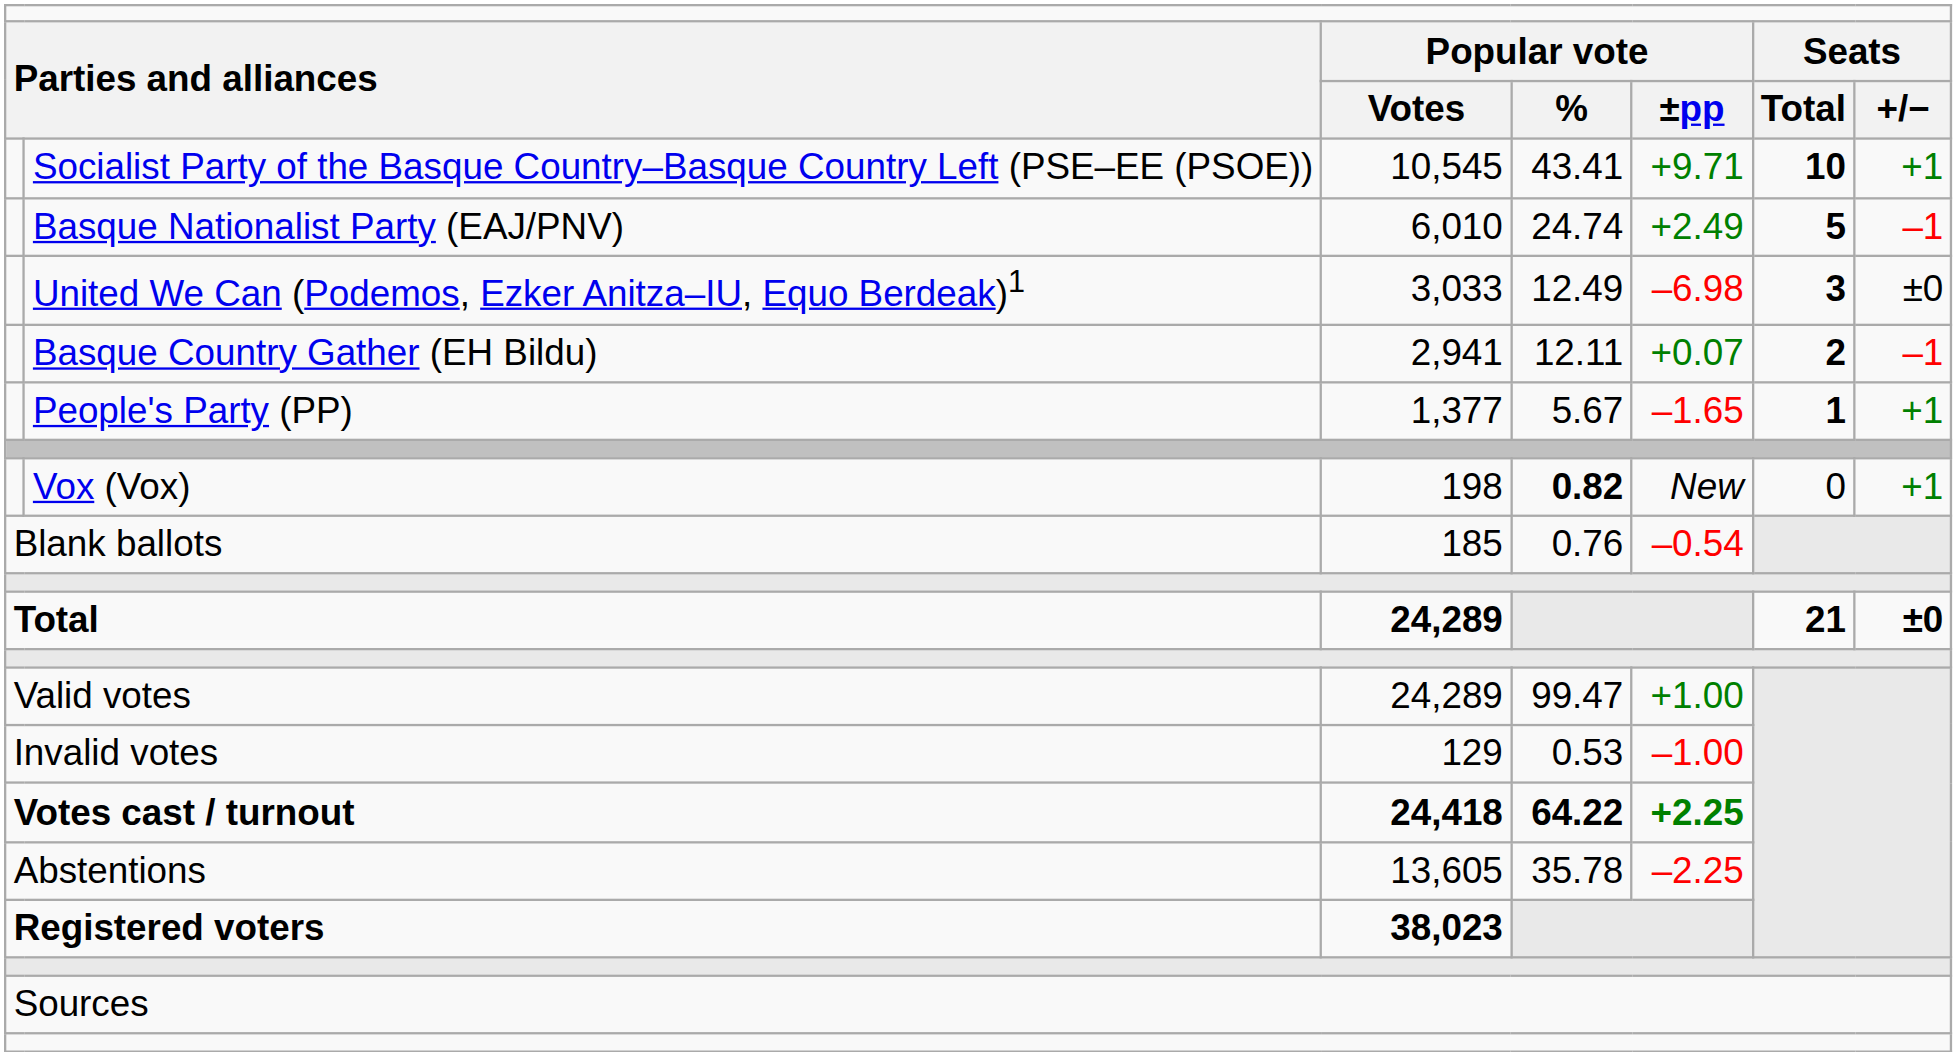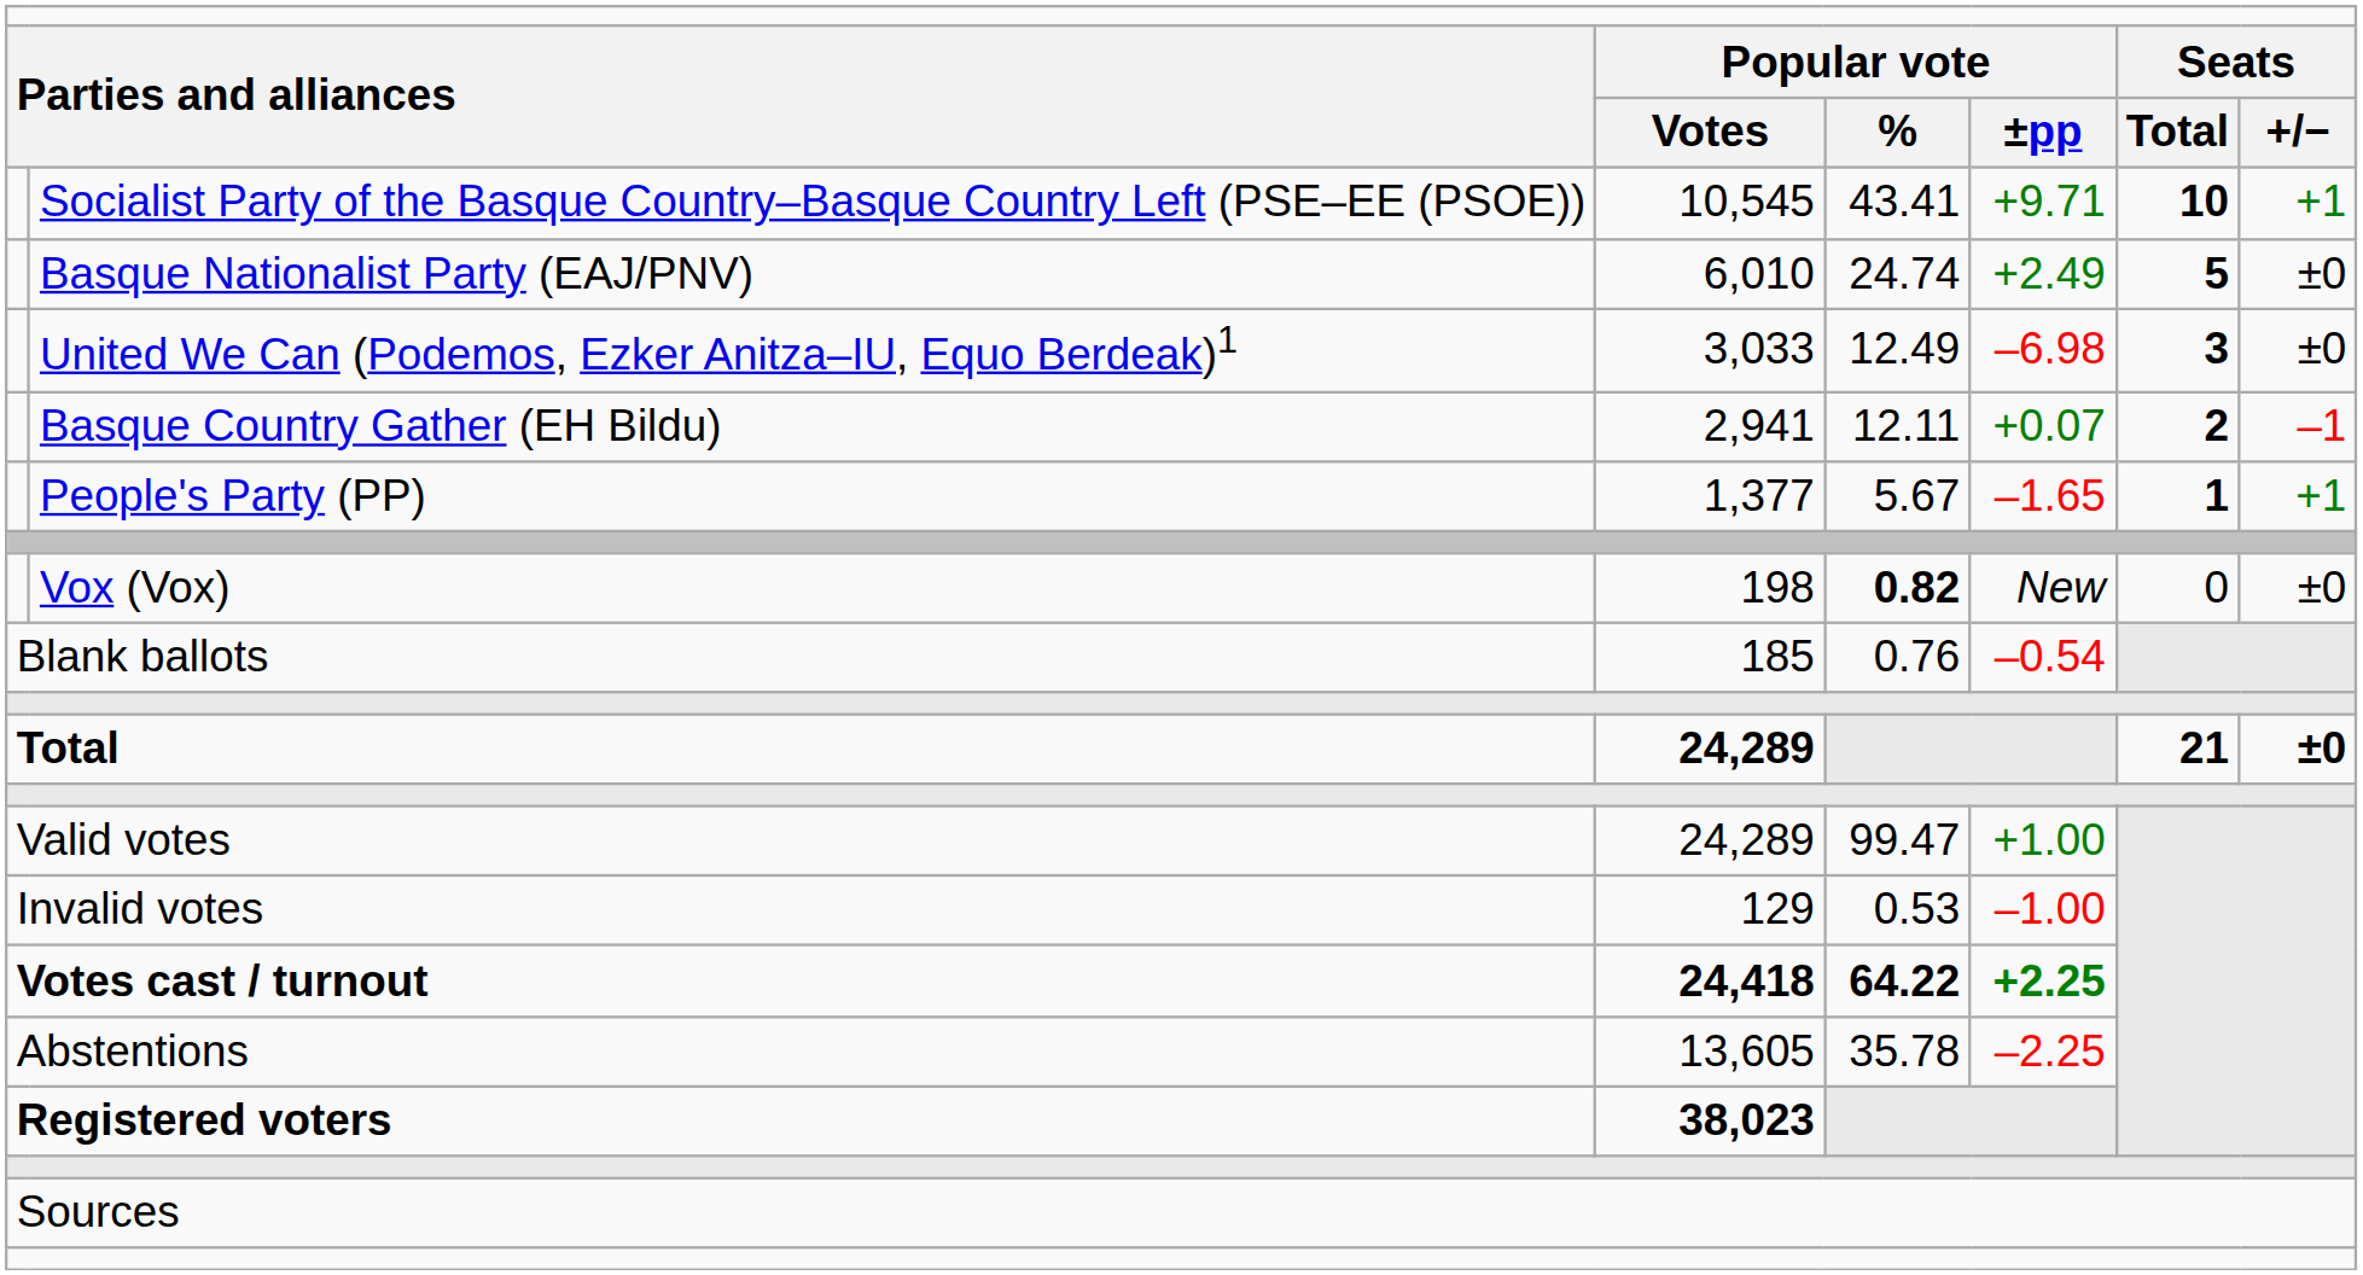 <table class="wikitable" style="text-align:right;">
 <tr>
 <td colspan="7"></td>
 </tr>
 <tr>
 <th style="text-align:left;" rowspan="2" colspan="2" width="525">Parties and alliances</th>
 <th colspan="3">Popular vote</th>
 <th colspan="2">Seats</th>
 </tr>
 <tr>
 <th width="75">Votes</th>
 <th width="45">%</th>
 <th width="45">±<a href='#'>pp</a></th>
 <th width="35">Total</th>
 <th width="35">+/−</th>
 </tr>
 <tr>
 <td width="1" style="color:inherit;background:"></td>
 <td align="left"><a href='#'>Socialist Party of the Basque Country–Basque Country Left</a> (PSE–EE (PSOE))</td>
 <td>10,545</td>
 <td>43.41</td>
 <td style="color:green;">+9.71</td>
 <td><strong>10</strong></td>
 <td style="color:green;">+1</td>
 </tr>
 <tr>
 <td style="color:inherit;background:"></td>
 <td align="left"><a href='#'>Basque Nationalist Party</a> (EAJ/PNV)</td>
 <td>6,010</td>
 <td>24.74</td>
 <td style="color:green;">+2.49</td>
 <td><strong>5</strong></td>
-<td style="color:red;">–1</td>
+<td>±0</td>
 </tr>
 <tr>
 <td style="color:inherit;background:"></td>
 <td align="left"><a href='#'>United We Can</a> (<a href='#'>Podemos</a>, <a href='#'>Ezker Anitza–IU</a>, <a href='#'>Equo Berdeak</a>)<sup>1</sup></td>
 <td>3,033</td>
 <td>12.49</td>
 <td style="color:red;">–6.98</td>
 <td><strong>3</strong></td>
 <td>±0</td>
 </tr>
 <tr>
 <td style="color:inherit;background:"></td>
 <td align="left"><a href='#'>Basque Country Gather</a> (EH Bildu)</td>
 <td>2,941</td>
 <td>12.11</td>
 <td style="color:green;">+0.07</td>
 <td><strong>2</strong></td>
 <td style="color:red;">–1</td>
 </tr>
 <tr>
 <td style="color:inherit;background:"></td>
 <td align="left"><a href='#'>People's Party</a> (PP)</td>
 <td>1,377</td>
 <td>5.67</td>
 <td style="color:red;">–1.65</td>
 <td><strong>1</strong></td>
 <td style="color:green;">+1</td>
 </tr>
 <tr>
 <td colspan="7" bgcolor="#C0C0C0"></td>
 </tr>
 <tr>
 <td style="color:inherit;background:"></td>
 <td align="left"><a href='#'>Vox</a> (Vox)</td>
 <td>198</td>
 <td><strong>0.82</strong></td>
 <td><em>New</em></td>
 <td>0</td>
-<td style="color:green;">+1</td>
+<td>±0</td>
 </tr>
 <tr>
 <td align="left" colspan="2">Blank ballots</td>
 <td>185</td>
 <td>0.76</td>
 <td style="color:red;">–0.54</td>
 <td bgcolor="#E9E9E9" colspan="2"></td>
 </tr>
 <tr>
 <td colspan="7" bgcolor="#E9E9E9"></td>
 </tr>
 <tr style="font-weight:bold;">
 <td align="left" colspan="2">Total</td>
 <td>24,289</td>
 <td bgcolor="#E9E9E9" colspan="2"></td>
 <td>21</td>
 <td>±0</td>
 </tr>
 <tr>
 <td colspan="7" bgcolor="#E9E9E9"></td>
 </tr>
 <tr>
 <td align="left" colspan="2">Valid votes</td>
 <td>24,289</td>
 <td>99.47</td>
 <td style="color:green;">+1.00</td>
 <td bgcolor="#E9E9E9" colspan="2" rowspan="5"></td>
 </tr>
 <tr>
 <td align="left" colspan="2">Invalid votes</td>
 <td>129</td>
 <td>0.53</td>
 <td style="color:red;">–1.00</td>
 </tr>
 <tr style="font-weight:bold;">
 <td align="left" colspan="2">Votes cast / turnout</td>
 <td>24,418</td>
 <td>64.22</td>
 <td style="color:green;">+2.25</td>
 </tr>
 <tr>
 <td align="left" colspan="2">Abstentions</td>
 <td>13,605</td>
 <td>35.78</td>
 <td style="color:red;">–2.25</td>
 </tr>
 <tr style="font-weight:bold;">
 <td align="left" colspan="2">Registered voters</td>
 <td>38,023</td>
 <td bgcolor="#E9E9E9" colspan="2"></td>
 </tr>
 <tr>
 <td colspan="7" bgcolor="#E9E9E9"></td>
 </tr>
 <tr>
 <td align="left" colspan="7">Sources</td>
 </tr>
 <tr>
 <td colspan="7" style="text-align:left; max-width:790px;"></td>
 </tr>
 </table>
